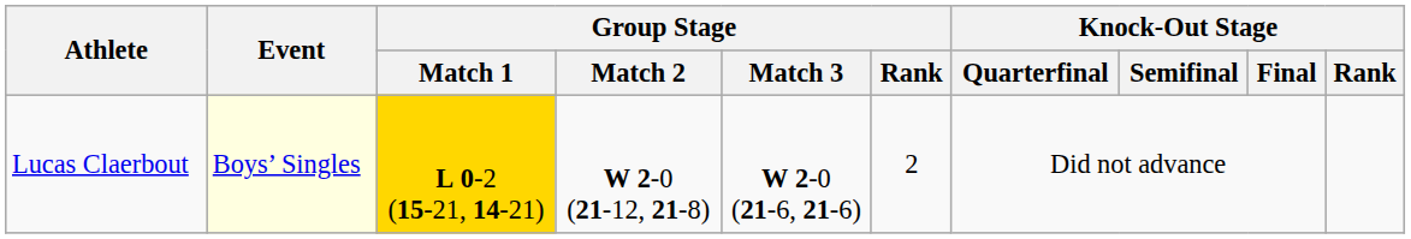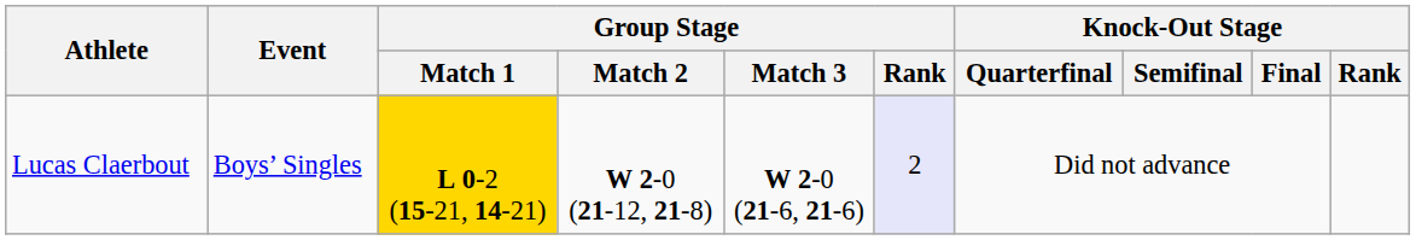 <table class="wikitable" width="85%" style="text-align:left; font-size:90%">
 <tr>
 <th rowspan=2>Athlete</th>
 <th rowspan=2>Event</th>
 <th colspan=4>Group Stage</th>
 <th colspan=4>Knock-Out Stage</th>
 </tr>
 <tr>
 <th>Match 1</th>
 <th>Match 2</th>
 <th>Match 3</th>
 <th>Rank</th>
 <th>Quarterfinal</th>
 <th>Semifinal</th>
 <th>Final</th>
 <th>Rank</th>
 </tr>
 <tr>
 <td><a href='#'>Lucas Claerbout</a></td>
-<td style="background: lightyellow;"><a href='#'>Boys’ Singles</a></td>
+<td><a href='#'>Boys’ Singles</a></td>
 <td align=center style="background: gold;"> <br><br><strong>L</strong> <strong>0</strong>-2 <br> (<strong>15</strong>-21, <strong>14</strong>-21)</td>
 <td align=center> <br><br><strong>W</strong> <strong>2</strong>-0 <br> (<strong>21</strong>-12, <strong>21</strong>-8)</td>
 <td align=center> <br><br><strong>W</strong> <strong>2</strong>-0 <br> (<strong>21</strong>-6, <strong>21</strong>-6)</td>
-<td align=center>2</td>
+<td align=center style="background: lavender;">2</td>
 <td colspan="3" align=center>Did not advance</td>
 <td align=center></td>
 </tr>
 </table>
